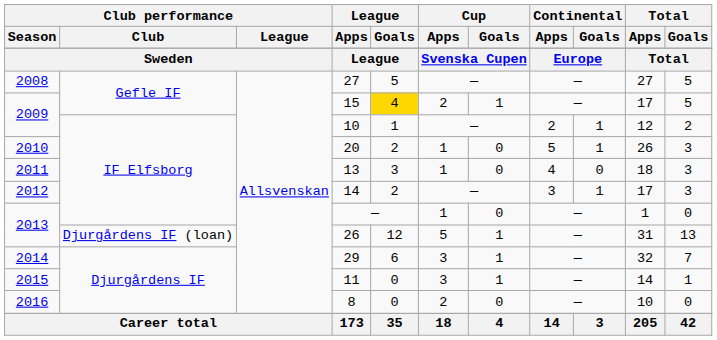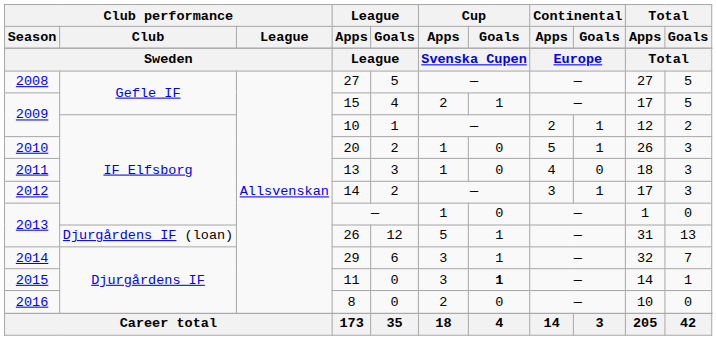 <table class="wikitable" style="text-align:center">
 <tr>
 <th colspan=3>Club performance</th>
 <th colspan=2>League</th>
 <th colspan=2>Cup</th>
 <th colspan=2>Continental</th>
 <th colspan=2>Total</th>
 </tr>
 <tr>
 <th>Season</th>
 <th>Club</th>
 <th>League</th>
 <th>Apps</th>
 <th>Goals</th>
 <th>Apps</th>
 <th>Goals</th>
 <th>Apps</th>
 <th>Goals</th>
 <th>Apps</th>
 <th>Goals</th>
 </tr>
 <tr>
 </tr>
 <tr>
 <th colspan=3>Sweden</th>
 <th colspan=2>League</th>
 <th colspan=2><a href='#'>Svenska Cupen</a></th>
 <th colspan=2><a href='#'>Europe</a></th>
 <th colspan=2>Total</th>
 </tr>
 <tr>
 <td><a href='#'>2008</a></td>
 <td rowspan="2"><a href='#'>Gefle IF</a></td>
 <td rowspan="11"><a href='#'>Allsvenskan</a></td>
 <td>27</td>
 <td>5</td>
 <td colspan="2">—</td>
 <td colspan="2">—</td>
 <td>27</td>
 <td>5</td>
 </tr>
 <tr>
 <td rowspan="2"><a href='#'>2009</a></td>
 <td>15</td>
-<td style="background: gold;">4</td>
+<td>4</td>
 <td>2</td>
 <td>1</td>
 <td colspan="2">—</td>
 <td>17</td>
 <td>5</td>
 </tr>
 <tr>
 <td rowspan="5"><a href='#'>IF Elfsborg</a></td>
 <td>10</td>
 <td>1</td>
 <td colspan="2">—</td>
 <td>2</td>
 <td>1</td>
 <td>12</td>
 <td>2</td>
 </tr>
 <tr>
 <td><a href='#'>2010</a></td>
 <td>20</td>
 <td>2</td>
 <td>1</td>
 <td>0</td>
 <td>5</td>
 <td>1</td>
 <td>26</td>
 <td>3</td>
 </tr>
 <tr>
 <td><a href='#'>2011</a></td>
 <td>13</td>
 <td>3</td>
 <td>1</td>
 <td>0</td>
 <td>4</td>
 <td>0</td>
 <td>18</td>
 <td>3</td>
 </tr>
 <tr>
 <td><a href='#'>2012</a></td>
 <td>14</td>
 <td>2</td>
 <td colspan="2">—</td>
 <td>3</td>
 <td>1</td>
 <td>17</td>
 <td>3</td>
 </tr>
 <tr>
 <td rowspan="2"><a href='#'>2013</a></td>
 <td colspan="2">—</td>
 <td>1</td>
 <td>0</td>
 <td colspan="2">—</td>
 <td>1</td>
 <td>0</td>
 </tr>
 <tr>
 <td><a href='#'>Djurgårdens IF</a> (loan)</td>
 <td>26</td>
 <td>12</td>
 <td>5</td>
 <td>1</td>
 <td colspan="2">—</td>
 <td>31</td>
 <td>13</td>
 </tr>
 <tr>
 <td><a href='#'>2014</a></td>
 <td rowspan="3"><a href='#'>Djurgårdens IF</a></td>
 <td>29</td>
 <td>6</td>
 <td>3</td>
 <td>1</td>
 <td colspan="2">—</td>
 <td>32</td>
 <td>7</td>
 </tr>
 <tr>
 <td><a href='#'>2015</a></td>
 <td>11</td>
 <td>0</td>
 <td>3</td>
-<td>1</td>
+<td><strong>1</strong></td>
 <td colspan="2">—</td>
 <td>14</td>
 <td>1</td>
 </tr>
 <tr>
 <td><a href='#'>2016</a></td>
 <td>8</td>
 <td>0</td>
 <td>2</td>
 <td>0</td>
 <td colspan="2">—</td>
 <td>10</td>
 <td>0</td>
 </tr>
 <tr>
 </tr>
 <tr>
 <th colspan=3>Career total</th>
 <th>173</th>
 <th>35</th>
 <th>18</th>
 <th>4</th>
 <th>14</th>
 <th>3</th>
 <th>205</th>
 <th>42</th>
 </tr>
 </table>
